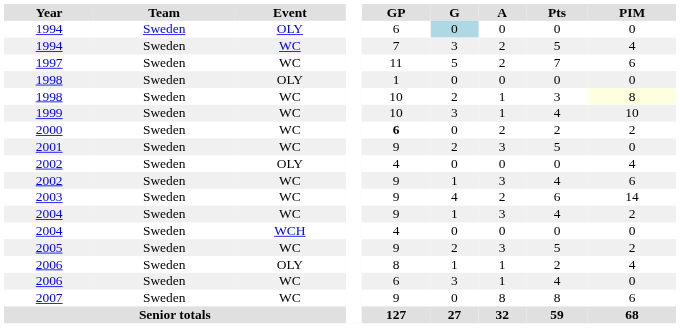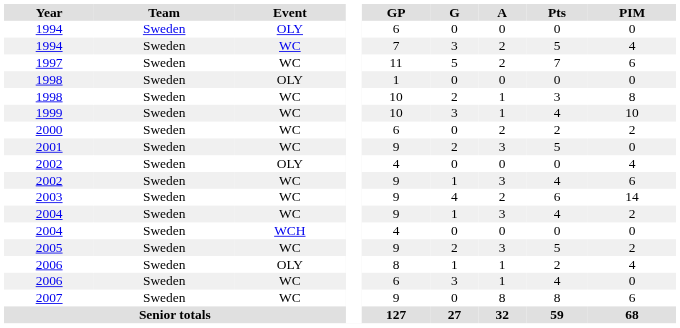 <table border="0" cellpadding="1" cellspacing="0" style="text-align:center; width:50em">
 <tr ALIGN="center" bgcolor="#e0e0e0">
 <th>Year</th>
 <th>Team</th>
 <th>Event</th>
 <th rowspan="99" bgcolor="#ffffff"> </th>
 <th>GP</th>
 <th>G</th>
 <th>A</th>
 <th>Pts</th>
 <th>PIM</th>
 </tr>
 <tr>
 <td><a href='#'>1994</a></td>
 <td><a href='#'>Sweden</a></td>
 <td><a href='#'>OLY</a></td>
 <td>6</td>
-<td style="background: lightblue;">0</td>
+<td>0</td>
 <td>0</td>
 <td>0</td>
 <td>0</td>
 </tr>
 <tr bgcolor="#f0f0f0">
 <td><a href='#'>1994</a></td>
 <td>Sweden</td>
 <td><a href='#'>WC</a></td>
 <td>7</td>
 <td>3</td>
 <td>2</td>
 <td>5</td>
 <td>4</td>
 </tr>
 <tr>
 <td><a href='#'>1997</a></td>
 <td>Sweden</td>
 <td>WC</td>
 <td>11</td>
 <td>5</td>
 <td>2</td>
 <td>7</td>
 <td>6</td>
 </tr>
 <tr bgcolor="#f0f0f0">
 <td><a href='#'>1998</a></td>
 <td>Sweden</td>
 <td>OLY</td>
 <td>1</td>
 <td>0</td>
 <td>0</td>
 <td>0</td>
 <td>0</td>
 </tr>
 <tr>
 <td><a href='#'>1998</a></td>
 <td>Sweden</td>
 <td>WC</td>
 <td>10</td>
 <td>2</td>
 <td>1</td>
 <td>3</td>
-<td style="background: lightyellow;">8</td>
+<td>8</td>
 </tr>
 <tr bgcolor="#f0f0f0">
 <td><a href='#'>1999</a></td>
 <td>Sweden</td>
 <td>WC</td>
 <td>10</td>
 <td>3</td>
 <td>1</td>
 <td>4</td>
 <td>10</td>
 </tr>
 <tr>
 <td><a href='#'>2000</a></td>
 <td>Sweden</td>
 <td>WC</td>
-<td><strong>6</strong></td>
+<td>6</td>
 <td>0</td>
 <td>2</td>
 <td>2</td>
 <td>2</td>
 </tr>
 <tr bgcolor="#f0f0f0">
 <td><a href='#'>2001</a></td>
 <td>Sweden</td>
 <td>WC</td>
 <td>9</td>
 <td>2</td>
 <td>3</td>
 <td>5</td>
 <td>0</td>
 </tr>
 <tr>
 <td><a href='#'>2002</a></td>
 <td>Sweden</td>
 <td>OLY</td>
 <td>4</td>
 <td>0</td>
 <td>0</td>
 <td>0</td>
 <td>4</td>
 </tr>
 <tr bgcolor="#f0f0f0">
 <td><a href='#'>2002</a></td>
 <td>Sweden</td>
 <td>WC</td>
 <td>9</td>
 <td>1</td>
 <td>3</td>
 <td>4</td>
 <td>6</td>
 </tr>
 <tr>
 <td><a href='#'>2003</a></td>
 <td>Sweden</td>
 <td>WC</td>
 <td>9</td>
 <td>4</td>
 <td>2</td>
 <td>6</td>
 <td>14</td>
 </tr>
 <tr bgcolor="#f0f0f0">
 <td><a href='#'>2004</a></td>
 <td>Sweden</td>
 <td>WC</td>
 <td>9</td>
 <td>1</td>
 <td>3</td>
 <td>4</td>
 <td>2</td>
 </tr>
 <tr>
 <td><a href='#'>2004</a></td>
 <td>Sweden</td>
 <td><a href='#'>WCH</a></td>
 <td>4</td>
 <td>0</td>
 <td>0</td>
 <td>0</td>
 <td>0</td>
 </tr>
 <tr bgcolor="#f0f0f0">
 <td><a href='#'>2005</a></td>
 <td>Sweden</td>
 <td>WC</td>
 <td>9</td>
 <td>2</td>
 <td>3</td>
 <td>5</td>
 <td>2</td>
 </tr>
 <tr>
 <td><a href='#'>2006</a></td>
 <td>Sweden</td>
 <td>OLY</td>
 <td>8</td>
 <td>1</td>
 <td>1</td>
 <td>2</td>
 <td>4</td>
 </tr>
 <tr bgcolor="#f0f0f0">
 <td><a href='#'>2006</a></td>
 <td>Sweden</td>
 <td>WC</td>
 <td>6</td>
 <td>3</td>
 <td>1</td>
 <td>4</td>
 <td>0</td>
 </tr>
 <tr>
 <td><a href='#'>2007</a></td>
 <td>Sweden</td>
 <td>WC</td>
 <td>9</td>
 <td>0</td>
 <td>8</td>
 <td>8</td>
 <td>6</td>
 </tr>
 <tr bgcolor="#e0e0e0">
 <th colspan="3">Senior totals</th>
 <th>127</th>
 <th>27</th>
 <th>32</th>
 <th>59</th>
 <th>68</th>
 </tr>
 </table>
